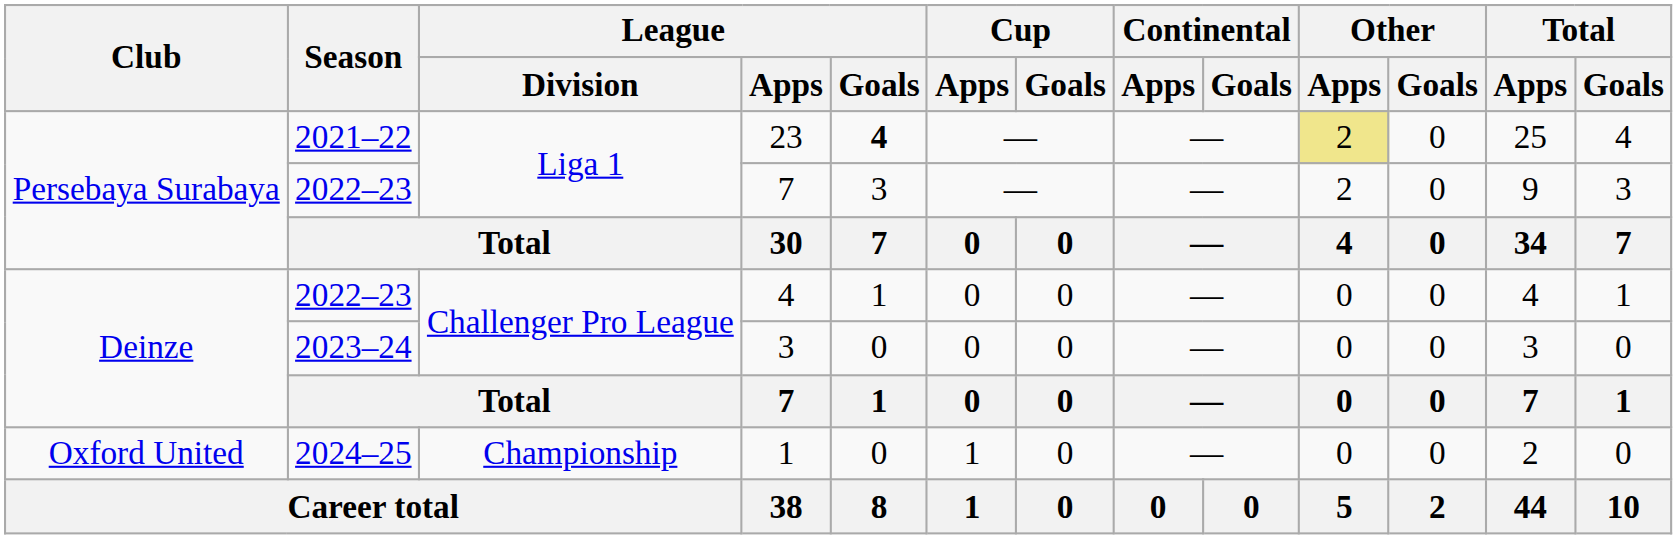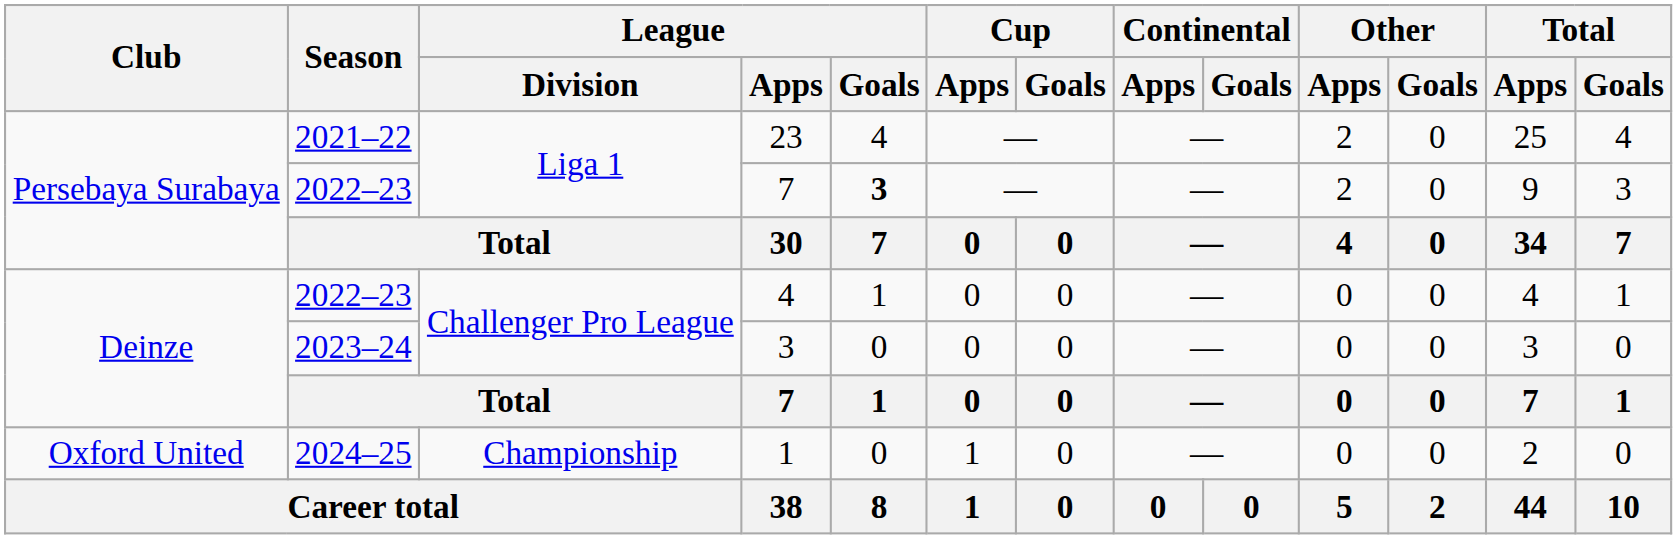 <table class="wikitable" style="text-align: center">
 <tr>
 <th rowspan="2">Club</th>
 <th rowspan="2">Season</th>
 <th colspan="3">League</th>
 <th colspan="2">Cup</th>
 <th colspan="2">Continental</th>
 <th colspan="2">Other</th>
 <th colspan="2">Total</th>
 </tr>
 <tr>
 <th>Division</th>
 <th>Apps</th>
 <th>Goals</th>
 <th>Apps</th>
 <th>Goals</th>
 <th>Apps</th>
 <th>Goals</th>
 <th>Apps</th>
 <th>Goals</th>
 <th>Apps</th>
 <th>Goals</th>
 </tr>
 <tr>
 <td rowspan="3"><a href='#'>Persebaya Surabaya</a></td>
 <td><a href='#'>2021–22</a></td>
 <td rowspan="2" valign="center"><a href='#'>Liga 1</a></td>
 <td>23</td>
-<td><strong>4</strong></td>
+<td>4</td>
 <td colspan=2>—</td>
 <td colspan="2">—</td>
-<td style="background: khaki;">2</td>
+<td>2</td>
 <td>0</td>
 <td>25</td>
 <td>4</td>
 </tr>
 <tr>
 <td><a href='#'>2022–23</a></td>
 <td>7</td>
-<td>3</td>
+<td><strong>3</strong></td>
 <td colspan=2>—</td>
 <td colspan=2>—</td>
 <td>2</td>
 <td>0</td>
 <td>9</td>
 <td>3</td>
 </tr>
 <tr>
 <th colspan="2">Total</th>
 <th>30</th>
 <th>7</th>
 <th>0</th>
 <th>0</th>
 <th colspan=2>—</th>
 <th>4</th>
 <th>0</th>
 <th>34</th>
 <th>7</th>
 </tr>
 <tr>
 <td rowspan="3"><a href='#'>Deinze</a></td>
 <td><a href='#'>2022–23</a></td>
 <td rowspan="2" valign="center"><a href='#'>Challenger Pro League</a></td>
 <td>4</td>
 <td>1</td>
 <td>0</td>
 <td>0</td>
 <td colspan=2>—</td>
 <td>0</td>
 <td>0</td>
 <td>4</td>
 <td>1</td>
 </tr>
 <tr>
 <td><a href='#'>2023–24</a></td>
 <td>3</td>
 <td>0</td>
 <td>0</td>
 <td>0</td>
 <td colspan=2>—</td>
 <td>0</td>
 <td>0</td>
 <td>3</td>
 <td>0</td>
 </tr>
 <tr>
 <th colspan="2">Total</th>
 <th>7</th>
 <th>1</th>
 <th>0</th>
 <th>0</th>
 <th colspan="2">—</th>
 <th>0</th>
 <th>0</th>
 <th>7</th>
 <th>1</th>
 </tr>
 <tr>
 <td rowspan="1"><a href='#'>Oxford United</a></td>
 <td><a href='#'>2024–25</a></td>
 <td rowspan="1" valign="center"><a href='#'>Championship</a></td>
 <td>1</td>
 <td>0</td>
 <td>1</td>
 <td>0</td>
 <td colspan=2>—</td>
 <td>0</td>
 <td>0</td>
 <td>2</td>
 <td>0</td>
 </tr>
 <tr>
 <th colspan=3>Career total</th>
 <th>38</th>
 <th>8</th>
 <th>1</th>
 <th>0</th>
 <th>0</th>
 <th>0</th>
 <th>5</th>
 <th>2</th>
 <th>44</th>
 <th>10</th>
 </tr>
 </table>
